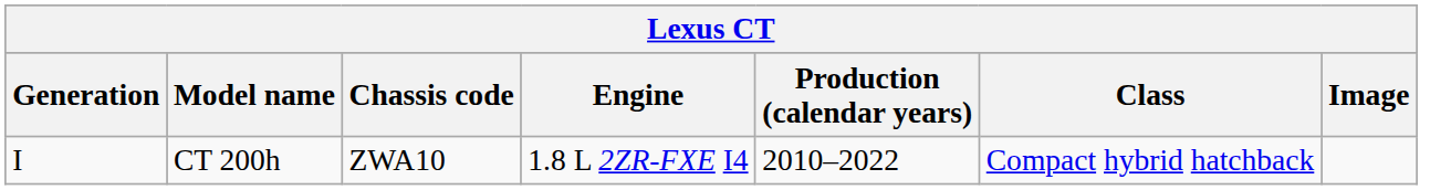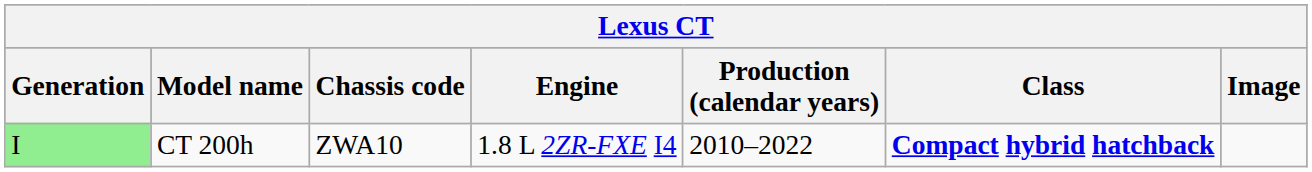 <table class="wikitable collapsible" style="font-size:97% style="width:90%; text-align:center">
 <tr>
 <th colspan=7 align=left><a href='#'>Lexus CT</a></th>
 </tr>
 <tr>
 <th>Generation</th>
 <th>Model name</th>
 <th>Chassis code</th>
 <th>Engine</th>
 <th>Production<br>(calendar years)</th>
 <th>Class</th>
 <th>Image</th>
 </tr>
 <tr>
-<td>I</td>
+<td style="background: lightgreen;">I</td>
 <td>CT 200h</td>
 <td>ZWA10</td>
 <td>1.8 L <em><a href='#'>2ZR-FXE</a></em> <a href='#'>I4</a></td>
 <td>2010–2022</td>
-<td><a href='#'>Compact</a> <a href='#'>hybrid</a> <a href='#'>hatchback</a></td>
+<td><strong><a href='#'>Compact</a> <a href='#'>hybrid</a> <a href='#'>hatchback</a></strong></td>
 <td></td>
 </tr>
 </table>
